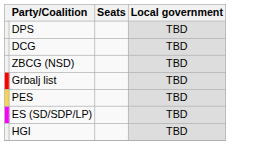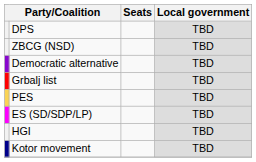 <table class="wikitable" style="text-align:left;">
 <tr>
 <th colspan=2>Party/Coalition</th>
 <th>Seats</th>
 <th>Local government</th>
 </tr>
 <tr>
 <th style="background-color: "></th>
 <td>DPS</td>
 <td></td>
 <td align=center style="background:#ddd;">TBD</td>
 </tr>
 <tr>
 <th style="background-color: "></th>
-<td>DCG</td>
+<td>ZBCG (NSD)</td>
 <td></td>
 <td align=center style="background:#ddd;">TBD</td>
 </tr>
 <tr>
-<th style="background-color: "></th>
-<td>ZBCG (NSD)</td>
+<th style="background-color: #8806CE "></th>
+<td>Democratic alternative</td>
 <td></td>
 <td align=center style="background:#ddd;">TBD</td>
 </tr>
 <tr>
 <th style="background-color: #FF0000 "></th>
 <td>Grbalj list</td>
 <td></td>
 <td align=center style="background:#ddd;">TBD</td>
 </tr>
 <tr>
 <th style="background-color: #FBD455"></th>
 <td>PES</td>
 <td></td>
 <td align=center style="background:#ddd;">TBD</td>
 </tr>
 <tr>
 <th style="background-color: #fd00ff"></th>
 <td>ES (SD/SDP/LP)</td>
 <td></td>
 <td align=center style="background:#ddd;">TBD</td>
 </tr>
 <tr>
 <th style="background-color: "></th>
 <td>HGI</td>
 <td></td>
 <td align=center style="background:#ddd;">TBD</td>
 </tr>
 <tr>
+<th style="background-color: darkblue"></th>
+<td>Kotor movement</td>
+<td></td>
+<td align=center style="background:#ddd;">TBD</td>
+</tr>
+<tr>
 </tr>
 </table>
